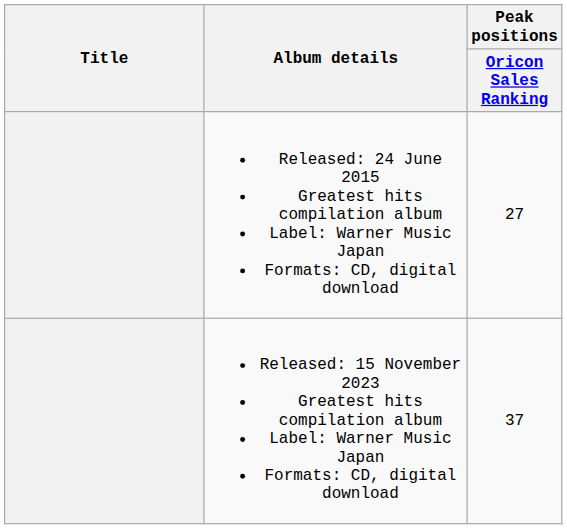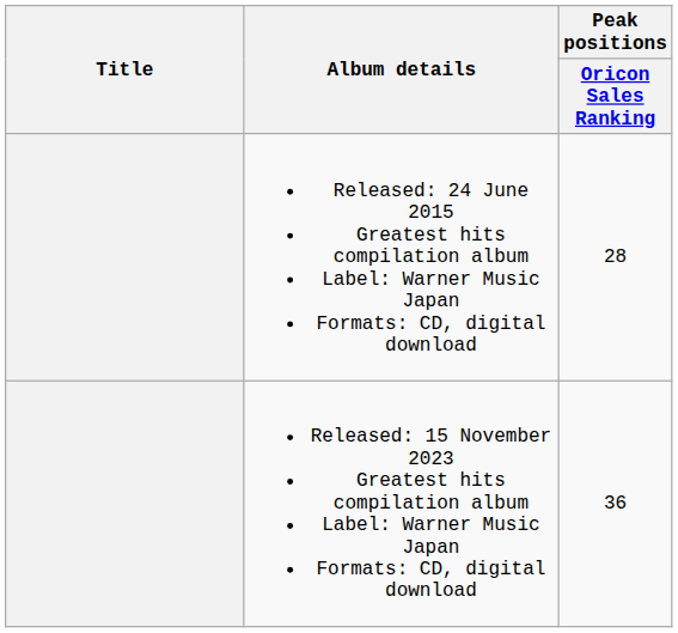 <table class="wikitable plainrowheaders" style="text-align:center;">
 <tr>
 <th style="width:12em;" rowspan="2">Title</th>
 <th style="width:16em;" rowspan="2">Album details</th>
 <th colspan="1">Peak positions</th>
 </tr>
 <tr>
 <th style="width:2.5em;"><a href='#'>Oricon Sales Ranking</a></th>
 </tr>
 <tr>
 <th scope="row"></th>
 <td><br><ul><li>Released: 24 June 2015</li><li>Greatest hits compilation album</li><li>Label: Warner Music Japan</li><li>Formats: CD, digital download</li></ul></td>
-<td>27</td>
+<td>28</td>
 </tr>
 <tr>
 <th scope="row"></th>
 <td><br><ul><li>Released: 15 November 2023</li><li>Greatest hits compilation album</li><li>Label: Warner Music Japan</li><li>Formats: CD, digital download</li></ul></td>
-<td>37</td>
+<td>36</td>
 </tr>
 </table>
